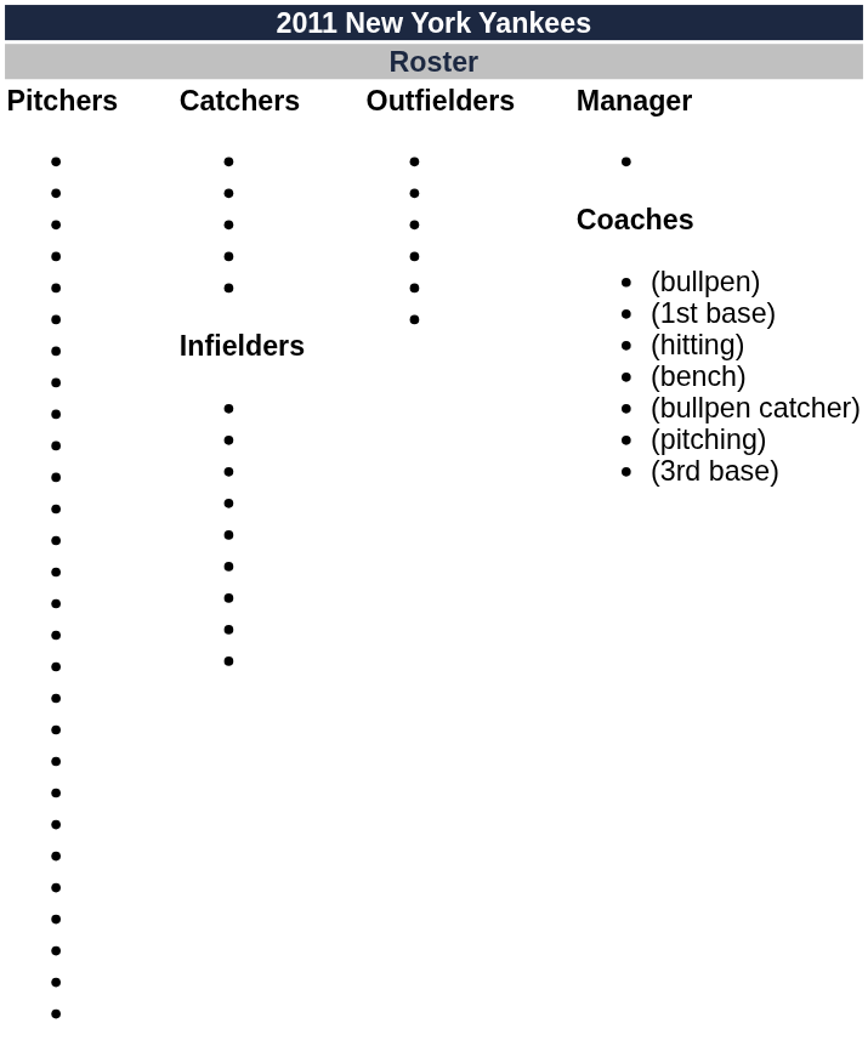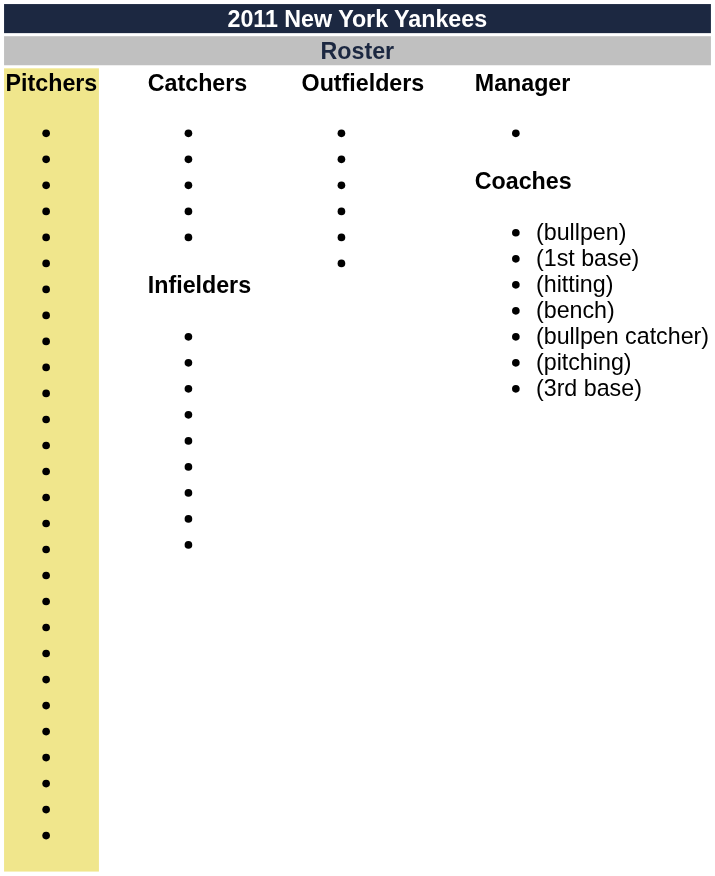 <table class="toccolours" style="font-size: 95%;">
 <tr>
 <th colspan="10" style="background:#1c2841; color:white; text-align:center;">2011 New York Yankees</th>
 </tr>
 <tr>
 <td colspan="10" style="background:silver; color:#1c2841; text-align:center;"><strong>Roster</strong></td>
 </tr>
 <tr>
-<td valign="top"><strong>Pitchers</strong><br><ul><li></li><li></li><li></li><li></li><li></li><li></li><li></li><li></li><li></li><li></li><li></li><li></li><li></li><li></li><li></li><li></li><li></li><li></li><li></li><li></li><li></li><li></li><li></li><li></li><li></li><li></li><li></li><li></li></ul></td>
+<td valign="top" style="background: khaki;"><strong>Pitchers</strong><br><ul><li></li><li></li><li></li><li></li><li></li><li></li><li></li><li></li><li></li><li></li><li></li><li></li><li></li><li></li><li></li><li></li><li></li><li></li><li></li><li></li><li></li><li></li><li></li><li></li><li></li><li></li><li></li><li></li></ul></td>
 <td style="width:25px;"></td>
 <td valign="top"><strong>Catchers</strong><br><ul><li></li><li></li><li></li><li></li><li></li></ul><strong>Infielders</strong><ul><li></li><li></li><li></li><li></li><li></li><li></li><li></li><li></li><li></li></ul></td>
 <td style="width:25px;"></td>
 <td valign="top"><strong>Outfielders</strong><br><ul><li></li><li></li><li></li><li></li><li></li><li></li></ul></td>
 <td style="width:25px;"></td>
 <td valign="top"><strong>Manager</strong><br><ul><li></li></ul><strong>Coaches</strong><ul><li> (bullpen)</li><li>  (1st base)</li><li>  (hitting)</li><li> (bench)</li><li> (bullpen catcher)</li><li> (pitching)</li><li> (3rd base)</li></ul></td>
 </tr>
 </table>
